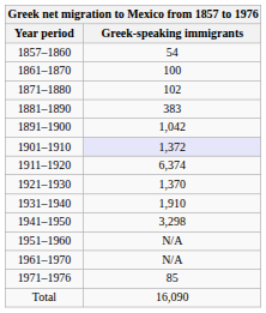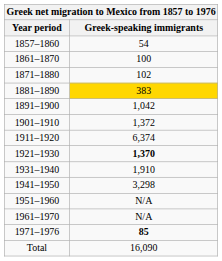 <table class="wikitable" style="text-align:center;">
 <tr>
 <th colspan=5>Greek net migration to Mexico from 1857 to 1976</th>
 </tr>
 <tr>
 <th>Year period</th>
 <th>Greek-speaking immigrants</th>
 </tr>
 <tr>
 <td>1857–1860</td>
 <td>54</td>
 </tr>
 <tr>
 <td>1861–1870</td>
 <td>100</td>
 </tr>
 <tr>
 <td>1871–1880</td>
 <td>102</td>
 </tr>
 <tr>
 <td>1881–1890</td>
-<td>383</td>
+<td style="background: gold;">383</td>
 </tr>
 <tr>
 <td>1891–1900</td>
 <td>1,042</td>
 </tr>
 <tr>
 <td>1901–1910</td>
-<td style="background: lavender;">1,372</td>
+<td>1,372</td>
 </tr>
 <tr>
 <td>1911–1920</td>
 <td>6,374</td>
 </tr>
 <tr>
 <td>1921–1930</td>
-<td>1,370</td>
+<td><strong>1,370</strong></td>
 </tr>
 <tr>
 <td>1931–1940</td>
 <td>1,910</td>
 </tr>
 <tr>
 <td>1941–1950</td>
 <td>3,298</td>
 </tr>
 <tr>
 <td>1951–1960</td>
 <td>N/A</td>
 </tr>
 <tr>
 <td>1961–1970</td>
 <td>N/A</td>
 </tr>
 <tr>
 <td>1971–1976</td>
-<td>85</td>
+<td><strong>85</strong></td>
 </tr>
 <tr>
 <td>Total</td>
 <td>16,090</td>
 </tr>
 </table>
